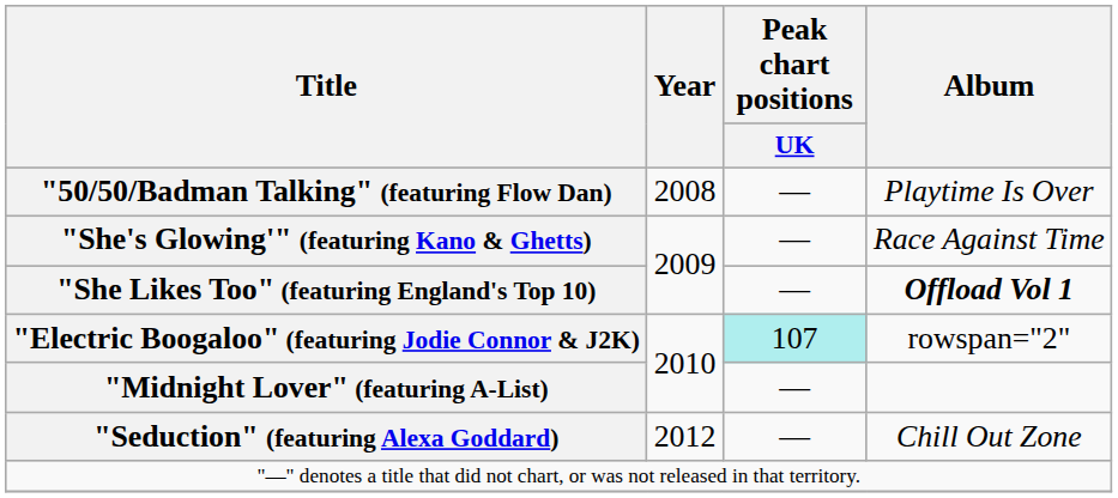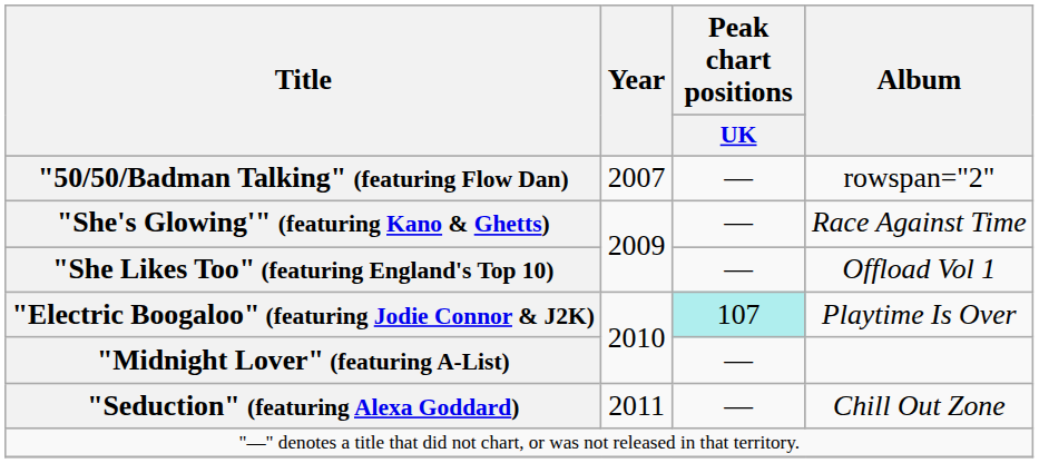 <table class="wikitable plainrowheaders" style="text-align:center;">
 <tr>
 <th scope="col" rowspan="2">Title</th>
 <th scope="col" rowspan="2">Year</th>
 <th scope="col" colspan="1">Peak chart positions</th>
 <th scope="col" rowspan="2">Album</th>
 </tr>
 <tr>
 <th scope="col" style="width:5em;font-size:85%;"><a href='#'>UK</a><br></th>
 </tr>
 <tr>
 <th scope="row">"50/50/Badman Talking" <small>(featuring Flow Dan)</small></th>
-<td>2008</td>
+<td>2007</td>
 <td>—</td>
-<td><em>Playtime Is Over</em></td>
+<td>rowspan="2" </td>
 </tr>
 <tr>
 <th scope="row">"She's Glowing'" <small>(featuring <a href='#'>Kano</a> & <a href='#'>Ghetts</a>)</small></th>
 <td rowspan="2">2009</td>
 <td>—</td>
 <td><em>Race Against Time</em></td>
 </tr>
 <tr>
 <th scope="row">"She Likes Too"<small> (featuring England's Top 10)</small></th>
 <td>—</td>
-<td><strong><em>Offload Vol 1</em></strong></td>
+<td><em>Offload Vol 1</em></td>
 </tr>
 <tr>
 <th scope="row">"Electric Boogaloo"<small> (featuring <a href='#'>Jodie Connor</a> & J2K)</small></th>
 <td rowspan="2">2010</td>
 <td style="background: paleturquoise;">107</td>
-<td>rowspan="2" </td>
+<td><em>Playtime Is Over</em></td>
 </tr>
 <tr>
 <th scope="row">"Midnight Lover"<small> (featuring A-List)</small></th>
 <td>—</td>
 </tr>
 <tr>
 <th scope="row">"Seduction" <small> (featuring <a href='#'>Alexa Goddard</a>)</small></th>
-<td>2012</td>
+<td>2011</td>
 <td>—</td>
 <td><em>Chill Out Zone</em></td>
 </tr>
 <tr>
 <td colspan="10" style="font-size:8pt">"—" denotes a title that did not chart, or was not released in that territory.</td>
 </tr>
 <tr>
 </tr>
 </table>
